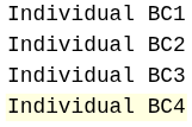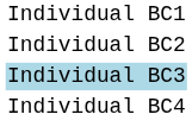 <table>
 <tr>
 <td>Individual BC1<br></td>
 <td></td>
 <td></td>
 <td></td>
 </tr>
 <tr>
 <td>Individual BC2<br></td>
 <td></td>
 <td></td>
 <td></td>
 </tr>
 <tr>
-<td>Individual BC3<br></td>
+<td style="background: lightblue;">Individual BC3<br></td>
 <td></td>
 <td></td>
 <td></td>
 </tr>
 <tr>
-<td style="background: lightyellow;">Individual BC4<br></td>
+<td>Individual BC4<br></td>
 <td></td>
 <td></td>
 <td></td>
 </tr>
 </table>
